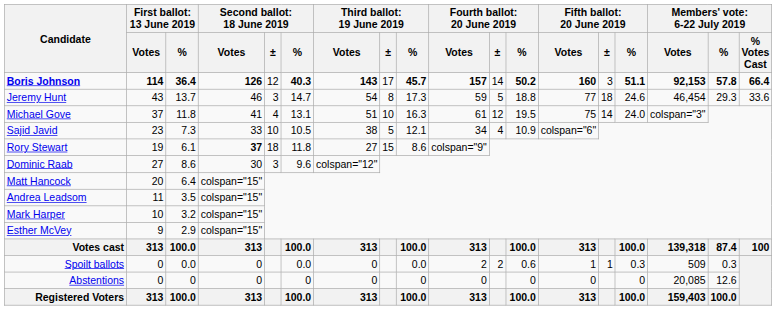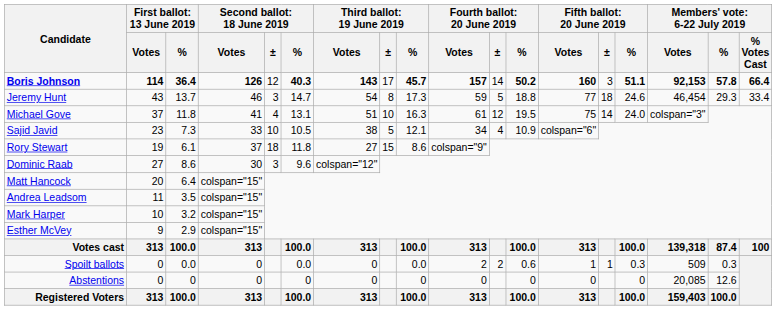 <table class="wikitable" style="font-size:95%; text-align:right"|>
 <tr>
 <th rowspan=2>Candidate</th>
 <th colspan="2">First ballot:<br>13 June 2019</th>
 <th colspan="3">Second ballot:<br>18 June 2019</th>
 <th colspan="3">Third ballot:<br>19 June 2019</th>
 <th colspan="3">Fourth ballot:<br>20 June 2019</th>
 <th colspan="3">Fifth ballot:<br>20 June 2019</th>
 <th colspan="3">Members' vote:<br>6-22 July 2019</th>
 </tr>
 <tr>
 <th style="width: 50px">Votes</th>
 <th style="width: 40px">%</th>
 <th style="width: 50px">Votes</th>
 <th>±</th>
 <th style="width: 40px">%</th>
 <th style="width: 50px">Votes</th>
 <th>±</th>
 <th style="width: 40px">%</th>
 <th style="width: 50px">Votes</th>
 <th>±</th>
 <th style="width: 40px">%</th>
 <th style="width: 50px">Votes</th>
 <th>±</th>
 <th style="width: 40px">%</th>
 <th style="width: 50px">Votes</th>
 <th>%</th>
 <th style="width: 40px">% Votes Cast</th>
 </tr>
 <tr>
 <td style="width: 170px; text-align:left"><strong><a href='#'>Boris Johnson</a></strong></td>
 <td><strong>114</strong></td>
 <td><strong>36.4</strong></td>
 <td><strong>126</strong></td>
 <td>12</td>
 <td><strong>40.3</strong></td>
 <td><strong>143</strong></td>
 <td>17</td>
 <td><strong>45.7</strong></td>
 <td><strong>157</strong></td>
 <td>14</td>
 <td><strong>50.2</strong></td>
 <td><strong>160</strong></td>
 <td>3</td>
 <td><strong>51.1</strong></td>
 <td><strong>92,153</strong></td>
 <td><strong>57.8</strong></td>
 <td><strong>66.4</strong></td>
 </tr>
 <tr>
 <td style="width: 170px; text-align:left"><a href='#'>Jeremy Hunt</a></td>
 <td>43</td>
 <td>13.7</td>
 <td>46</td>
 <td>3</td>
 <td>14.7</td>
 <td>54</td>
 <td>8</td>
 <td>17.3</td>
 <td>59</td>
 <td>5</td>
 <td>18.8</td>
 <td>77</td>
 <td>18</td>
 <td>24.6</td>
 <td>46,454</td>
 <td>29.3</td>
-<td>33.6</td>
+<td>33.4</td>
 </tr>
 <tr>
 <td style="width: 170px; text-align:left"><a href='#'>Michael Gove</a></td>
 <td>37</td>
 <td>11.8</td>
 <td>41</td>
 <td>4</td>
 <td>13.1</td>
 <td>51</td>
 <td>10</td>
 <td>16.3</td>
 <td>61</td>
 <td>12</td>
 <td>19.5</td>
 <td>75</td>
 <td>14</td>
 <td>24.0</td>
 <td>colspan="3" </td>
 </tr>
 <tr>
 <td style="width: 170px; text-align:left"><a href='#'>Sajid Javid</a></td>
 <td>23</td>
 <td>7.3</td>
 <td>33</td>
 <td>10</td>
 <td>10.5</td>
 <td>38</td>
 <td>5</td>
 <td>12.1</td>
 <td>34</td>
 <td>4</td>
 <td>10.9</td>
 <td>colspan="6" </td>
 </tr>
 <tr>
 <td style="width: 170px; text-align:left"><a href='#'>Rory Stewart</a></td>
 <td>19</td>
 <td>6.1</td>
-<td><strong>37</strong></td>
+<td>37</td>
 <td>18</td>
 <td>11.8</td>
 <td>27</td>
 <td>15</td>
 <td>8.6</td>
 <td>colspan="9" </td>
 </tr>
 <tr>
 <td style="width: 170px; text-align:left"><a href='#'>Dominic Raab</a></td>
 <td>27</td>
 <td>8.6</td>
 <td>30</td>
 <td>3</td>
 <td>9.6</td>
 <td>colspan="12" </td>
 </tr>
 <tr>
 <td style="width: 170px; text-align:left"><a href='#'>Matt Hancock</a></td>
 <td>20</td>
 <td>6.4</td>
 <td>colspan="15" </td>
 </tr>
 <tr>
 <td style="width: 170px; text-align:left"><a href='#'>Andrea Leadsom</a></td>
 <td>11</td>
 <td>3.5</td>
 <td>colspan="15" </td>
 </tr>
 <tr>
 <td style="width: 170px; text-align:left"><a href='#'>Mark Harper</a></td>
 <td>10</td>
 <td>3.2</td>
 <td>colspan="15" </td>
 </tr>
 <tr>
 <td style="width: 170px; text-align:left"><a href='#'>Esther McVey</a></td>
 <td>9</td>
 <td>2.9</td>
 <td>colspan="15" </td>
 </tr>
 <tr>
 <th style="text-align:right;">Votes cast</th>
 <th scope="row" style="text-align:right;">313</th>
 <th scope="row" style="text-align:right;">100.0</th>
 <th scope="row" style="text-align:right;">313</th>
 <th scope="row" style="text-align:right;"></th>
 <th scope="row" style="text-align:right;">100.0</th>
 <th scope="row" style="text-align:right;">313</th>
 <th scope="row" style="text-align:right;"></th>
 <th scope="row" style="text-align:right;">100.0</th>
 <th scope="row" style="text-align:right;">313</th>
 <th scope="row" style="text-align:right;"></th>
 <th scope="row" style="text-align:right;">100.0</th>
 <th scope="row" style="text-align:right;">313</th>
 <th scope="row" style="text-align:right;"></th>
 <th scope="row" style="text-align:right;">100.0</th>
 <th scope="row" style="text-align:right;">139,318</th>
 <th scope="row" style="text-align:right;">87.4</th>
 <th scope="row" style="text-align:right;">100</th>
 </tr>
 <tr>
 <td style="text-align:right;"><a href='#'>Spoilt ballots</a></td>
 <td>0</td>
 <td>0.0</td>
 <td>0</td>
 <td></td>
 <td>0.0</td>
 <td>0</td>
 <td></td>
 <td>0.0</td>
 <td>2</td>
 <td>2</td>
 <td>0.6</td>
 <td>1</td>
 <td>1</td>
 <td>0.3</td>
 <td>509</td>
 <td>0.3</td>
 <th rowspan=3></th>
 </tr>
 <tr>
 <td style="text-align:right;"><a href='#'>Abstentions</a></td>
 <td>0</td>
 <td>0</td>
 <td>0</td>
 <td></td>
 <td>0</td>
 <td>0</td>
 <td></td>
 <td>0</td>
 <td>0</td>
 <td></td>
 <td>0</td>
 <td>0</td>
 <td></td>
 <td>0</td>
 <td>20,085</td>
 <td>12.6</td>
 </tr>
 <tr>
 <th style="text-align:right;">Registered Voters</th>
 <th scope="row" style="text-align:right;">313</th>
 <th scope="row" style="text-align:right;">100.0</th>
 <th scope="row" style="text-align:right;">313</th>
 <th scope="row" style="text-align:right;"></th>
 <th scope="row" style="text-align:right;">100.0</th>
 <th scope="row" style="text-align:right;">313</th>
 <th scope="row" style="text-align:right;"></th>
 <th scope="row" style="text-align:right;">100.0</th>
 <th scope="row" style="text-align:right;">313</th>
 <th scope="row" style="text-align:right;"></th>
 <th scope="row" style="text-align:right;">100.0</th>
 <th scope="row" style="text-align:right;">313</th>
 <th scope="row" style="text-align:right;"></th>
 <th scope="row" style="text-align:right;">100.0</th>
 <th scope="row" style="text-align:right;">159,403</th>
 <th scope="row" style="text-align:right;">100.0</th>
 </tr>
 </table>
